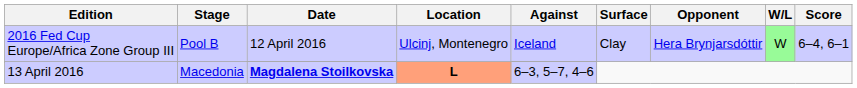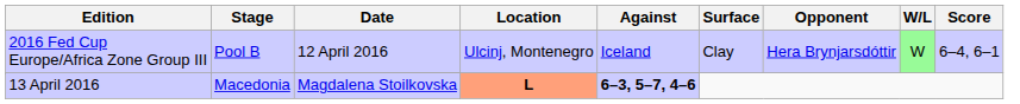 <table class=wikitable style=font-size:97%>
 <tr>
 <th>Edition</th>
 <th>Stage</th>
 <th>Date</th>
 <th>Location</th>
 <th>Against</th>
 <th>Surface</th>
 <th>Opponent</th>
 <th>W/L</th>
 <th>Score</th>
 </tr>
 <tr style="background:#CCCCFF;">
 <td rowspan=2><a href='#'>2016 Fed Cup</a> <br> Europe/Africa Zone Group III</td>
 <td rowspan=2><a href='#'>Pool B</a></td>
 <td>12 April 2016</td>
 <td rowspan=2><a href='#'>Ulcinj</a>, Montenegro</td>
 <td> <a href='#'>Iceland</a></td>
 <td rowspan=2>Clay</td>
 <td><a href='#'>Hera Brynjarsdóttir</a></td>
 <td style="text-align:center; background:#98fb98;">W</td>
 <td>6–4, 6–1</td>
 </tr>
 <tr>
 </tr>
 <tr style="background:#CCCCFF;">
 <td>13 April 2016</td>
 <td> <a href='#'>Macedonia</a></td>
-<td><strong><a href='#'>Magdalena Stoilkovska</a></strong></td>
+<td><a href='#'>Magdalena Stoilkovska</a></td>
 <td style="text-align:center; background:#ffa07a;"><strong>L</strong></td>
-<td>6–3, 5–7, 4–6</td>
+<td><strong>6–3, 5–7, 4–6</strong></td>
 </tr>
 </table>
